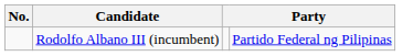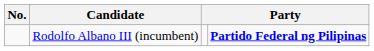 <table class="wikitable sortable" style="text-align:left;">
 <tr>
 <th>No.</th>
 <th>Candidate</th>
 <th colspan="2">Party</th>
 </tr>
 <tr>
 <td></td>
 <td><a href='#'>Rodolfo Albano III</a> (incumbent)</td>
 <td></td>
-<td><a href='#'>Partido Federal ng Pilipinas</a></td>
+<td><strong><a href='#'>Partido Federal ng Pilipinas</a></strong></td>
 </tr>
 </table>
